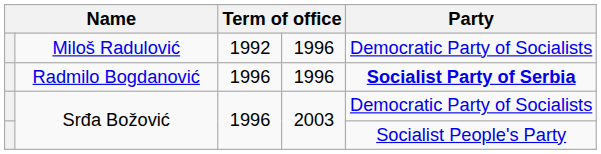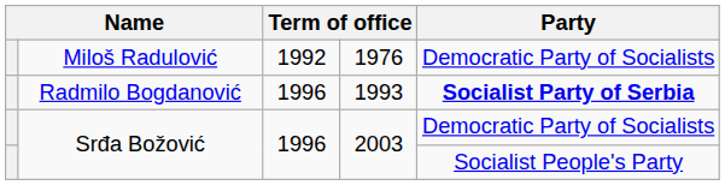 <table class="wikitable" style="text-align:center">
 <tr>
 <th colspan=2 width=180>Name<br></th>
 <th colspan=2>Term of office</th>
 <th>Party</th>
 </tr>
 <tr>
 <th style="background:"></th>
 <td><a href='#'>Miloš Radulović</a><br></td>
 <td>1992</td>
-<td>1996</td>
+<td>1976</td>
 <td><a href='#'>Democratic Party of Socialists</a></td>
 </tr>
 <tr>
 <th style="background:"></th>
 <td><a href='#'>Radmilo Bogdanović</a><br></td>
 <td>1996</td>
-<td>1996</td>
+<td>1993</td>
 <td><strong><a href='#'>Socialist Party of Serbia</a></strong></td>
 </tr>
 <tr>
 <th style="background:"></th>
 <td rowspan=2>Srđa Božović<br></td>
 <td rowspan=2>1996</td>
 <td rowspan=2>2003</td>
 <td><a href='#'>Democratic Party of Socialists</a></td>
 </tr>
 <tr>
 <th style="background:"></th>
 <td><a href='#'>Socialist People's Party</a></td>
 </tr>
 </table>
